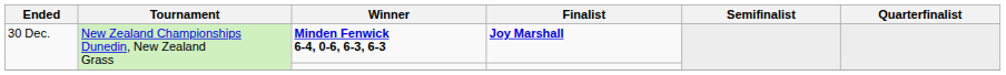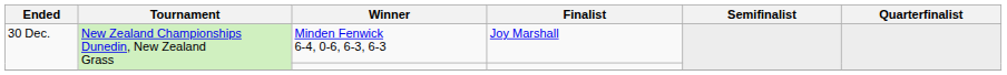 <table class="wikitable" style="font-size:85%;">
 <tr>
 <th width="75">Ended</th>
 <th width="230">Tournament</th>
 <th width="210">Winner</th>
 <th width="210">Finalist</th>
 <th width="170">Semifinalist</th>
 <th width="170">Quarterfinalist</th>
 </tr>
 <tr valign=top>
 <td rowspan=2>30 Dec.</td>
 <td style="background:#d0f0c0" rowspan=2><a href='#'>New Zealand Championships</a><br><a href='#'>Dunedin</a>, New Zealand<br>Grass</td>
-<td><strong> <a href='#'>Minden Fenwick</a><br>6-4, 0-6, 6-3, 6-3</strong></td>
-<td><strong> <a href='#'>Joy Marshall</a></strong></td>
+<td> <a href='#'>Minden Fenwick</a><br>6-4, 0-6, 6-3, 6-3</td>
+<td> <a href='#'>Joy Marshall</a></td>
 <td style="background:#ededed;" rowspan=2></td>
 <td style="background:#ededed;" rowspan=2></td>
 </tr>
 <tr valign=top>
 <td></td>
 <td></td>
 </tr>
 <tr valign=top>
 </tr>
 </table>
